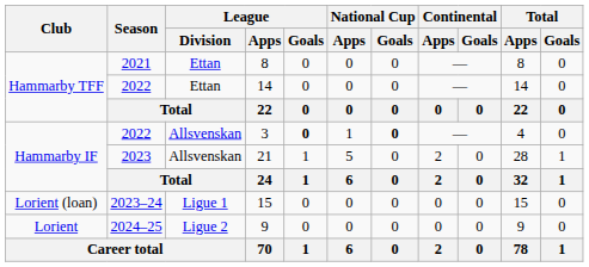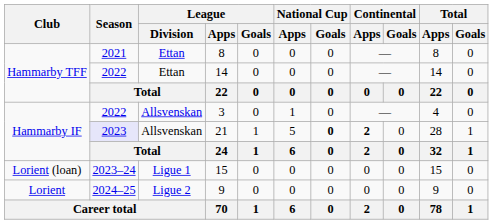 <table class="wikitable" style="text-align:center;">
 <tr>
 <th rowspan="2">Club</th>
 <th rowspan="2">Season</th>
 <th colspan="3">League</th>
 <th colspan="2">National Cup</th>
 <th colspan="2">Continental</th>
 <th colspan="2">Total</th>
 </tr>
 <tr>
 <th>Division</th>
 <th>Apps</th>
 <th>Goals</th>
 <th>Apps</th>
 <th>Goals</th>
 <th>Apps</th>
 <th>Goals</th>
 <th>Apps</th>
 <th>Goals</th>
 </tr>
 <tr>
 <td rowspan="3"><a href='#'>Hammarby TFF</a></td>
 <td><a href='#'>2021</a></td>
 <td><a href='#'>Ettan</a></td>
 <td>8</td>
 <td>0</td>
 <td>0</td>
 <td>0</td>
 <td colspan="2">—</td>
 <td>8</td>
 <td>0</td>
 </tr>
 <tr>
 <td><a href='#'>2022</a></td>
 <td>Ettan</td>
 <td>14</td>
 <td>0</td>
 <td>0</td>
 <td>0</td>
 <td colspan="2">—</td>
 <td>14</td>
 <td>0</td>
 </tr>
 <tr>
 <th colspan="2">Total</th>
 <th>22</th>
 <th>0</th>
 <th>0</th>
 <th>0</th>
 <th>0</th>
 <th>0</th>
 <th>22</th>
 <th>0</th>
 </tr>
 <tr>
 <td rowspan="3"><a href='#'>Hammarby IF</a></td>
 <td><a href='#'>2022</a></td>
 <td><a href='#'>Allsvenskan</a></td>
 <td>3</td>
-<td><strong>0</strong></td>
+<td>0</td>
 <td>1</td>
-<td><strong>0</strong></td>
+<td>0</td>
 <td colspan="2">—</td>
 <td>4</td>
 <td>0</td>
 </tr>
 <tr>
-<td><a href='#'>2023</a></td>
+<td style="background: lavender;"><a href='#'>2023</a></td>
 <td>Allsvenskan</td>
 <td>21</td>
 <td>1</td>
 <td>5</td>
-<td>0</td>
-<td>2</td>
+<td><strong>0</strong></td>
+<td><strong>2</strong></td>
 <td>0</td>
 <td>28</td>
 <td>1</td>
 </tr>
 <tr>
 <th colspan="2">Total</th>
 <th>24</th>
 <th>1</th>
 <th>6</th>
 <th>0</th>
 <th>2</th>
 <th>0</th>
 <th>32</th>
 <th>1</th>
 </tr>
 <tr>
 <td><a href='#'>Lorient</a> (loan)</td>
 <td><a href='#'>2023–24</a></td>
 <td><a href='#'>Ligue 1</a></td>
 <td>15</td>
 <td>0</td>
 <td>0</td>
 <td>0</td>
 <td>0</td>
 <td>0</td>
 <td>15</td>
 <td>0</td>
 </tr>
 <tr>
 <td><a href='#'>Lorient</a></td>
 <td><a href='#'>2024–25</a></td>
 <td><a href='#'>Ligue 2</a></td>
 <td>9</td>
 <td>0</td>
 <td>0</td>
 <td>0</td>
 <td>0</td>
 <td>0</td>
 <td>9</td>
 <td>0</td>
 </tr>
 <tr>
 <th colspan="3">Career total</th>
 <th>70</th>
 <th>1</th>
 <th>6</th>
 <th>0</th>
 <th>2</th>
 <th>0</th>
 <th>78</th>
 <th>1</th>
 </tr>
 </table>
